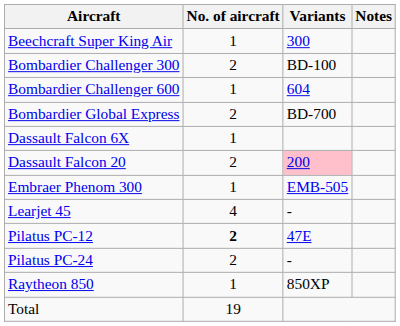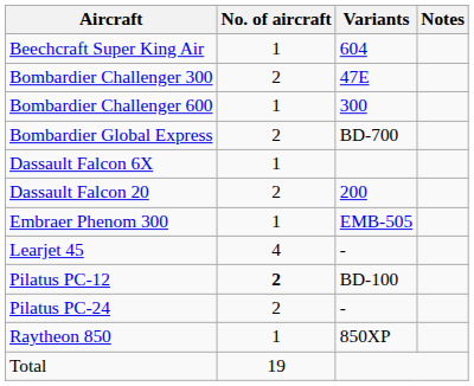 <table class="wikitable" style="border-collapse:collapse">
 <tr>
 <th>Aircraft</th>
 <th>No. of aircraft</th>
 <th>Variants</th>
 <th>Notes</th>
 </tr>
 <tr>
 <td><a href='#'>Beechcraft Super King Air</a></td>
 <td align=center>1</td>
-<td><a href='#'>300</a></td>
+<td><a href='#'>604</a></td>
 <td></td>
 </tr>
 <tr>
 <td><a href='#'>Bombardier Challenger 300</a></td>
 <td align=center>2</td>
-<td>BD-100</td>
+<td><a href='#'>47E</a></td>
 <td></td>
 </tr>
 <tr>
 <td><a href='#'>Bombardier Challenger 600</a></td>
 <td align=center>1</td>
-<td><a href='#'>604</a></td>
+<td><a href='#'>300</a></td>
 <td></td>
 </tr>
 <tr>
 <td><a href='#'>Bombardier Global Express</a></td>
 <td align=center>2</td>
 <td>BD-700</td>
 <td></td>
 </tr>
 <tr>
 <td><a href='#'>Dassault Falcon 6X</a></td>
 <td align=center>1</td>
 <td></td>
 <td></td>
 </tr>
 <tr>
 <td><a href='#'>Dassault Falcon 20</a></td>
 <td align=center>2</td>
-<td style="background: pink;"><a href='#'>200</a></td>
+<td><a href='#'>200</a></td>
 <td></td>
 </tr>
 <tr>
 <td><a href='#'>Embraer Phenom 300</a></td>
 <td align=center>1</td>
 <td><a href='#'>EMB-505</a></td>
 <td></td>
 </tr>
 <tr>
 <td><a href='#'>Learjet 45</a></td>
 <td align=center>4</td>
 <td>-</td>
 <td></td>
 </tr>
 <tr>
 <td><a href='#'>Pilatus PC-12</a></td>
 <td align=center><strong>2</strong></td>
-<td><a href='#'>47E</a></td>
+<td>BD-100</td>
 <td></td>
 </tr>
 <tr>
 <td><a href='#'>Pilatus PC-24</a></td>
 <td align=center>2</td>
 <td>-</td>
 <td></td>
 </tr>
 <tr>
 <td><a href='#'>Raytheon 850</a></td>
 <td align=center>1</td>
 <td>850XP</td>
 </tr>
 <tr>
 <td>Total</td>
 <td align=center>19</td>
 <td colspan="3"></td>
 </tr>
 </table>
